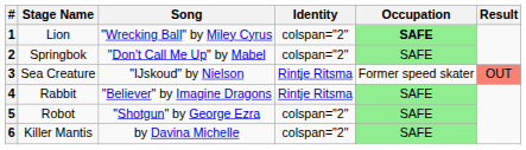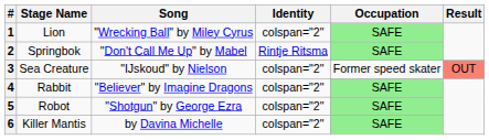 <table class="wikitable plainrowheaders" style="text-align: center;">
 <tr>
 <th>#</th>
 <th>Stage Name</th>
 <th>Song</th>
 <th>Identity</th>
 <th>Occupation</th>
 <th>Result</th>
 </tr>
 <tr>
 <th>1</th>
 <td>Lion</td>
 <td>"<a href='#'>Wrecking Ball</a>" by <a href='#'>Miley Cyrus</a></td>
 <td>colspan="2" </td>
-<td bgcolor="lightgreen"><strong>SAFE</strong></td>
+<td bgcolor="lightgreen">SAFE</td>
 </tr>
 <tr>
 <th>2</th>
 <td>Springbok</td>
 <td>"<a href='#'>Don't Call Me Up</a>" by <a href='#'>Mabel</a></td>
-<td>colspan="2" </td>
+<td><a href='#'>Rintje Ritsma</a></td>
 <td bgcolor="lightgreen">SAFE</td>
 </tr>
 <tr>
 <th>3</th>
 <td>Sea Creature</td>
 <td>"IJskoud" by <a href='#'>Nielson</a></td>
-<td><a href='#'>Rintje Ritsma</a></td>
+<td>colspan="2" </td>
 <td>Former speed skater</td>
 <td bgcolor="salmon">OUT</td>
 </tr>
 <tr>
 <th>4</th>
 <td>Rabbit</td>
 <td>"<a href='#'>Believer</a>" by <a href='#'>Imagine Dragons</a></td>
-<td><a href='#'>Rintje Ritsma</a></td>
+<td>colspan="2" </td>
 <td bgcolor="lightgreen">SAFE</td>
 </tr>
 <tr>
 <th>5</th>
 <td>Robot</td>
 <td>"<a href='#'>Shotgun</a>" by <a href='#'>George Ezra</a></td>
 <td>colspan="2" </td>
 <td bgcolor="lightgreen">SAFE</td>
 </tr>
 <tr>
 <th>6</th>
 <td>Killer Mantis</td>
 <td> by  <a href='#'>Davina Michelle</a></td>
 <td>colspan="2" </td>
 <td bgcolor="lightgreen">SAFE</td>
 </tr>
 </table>
